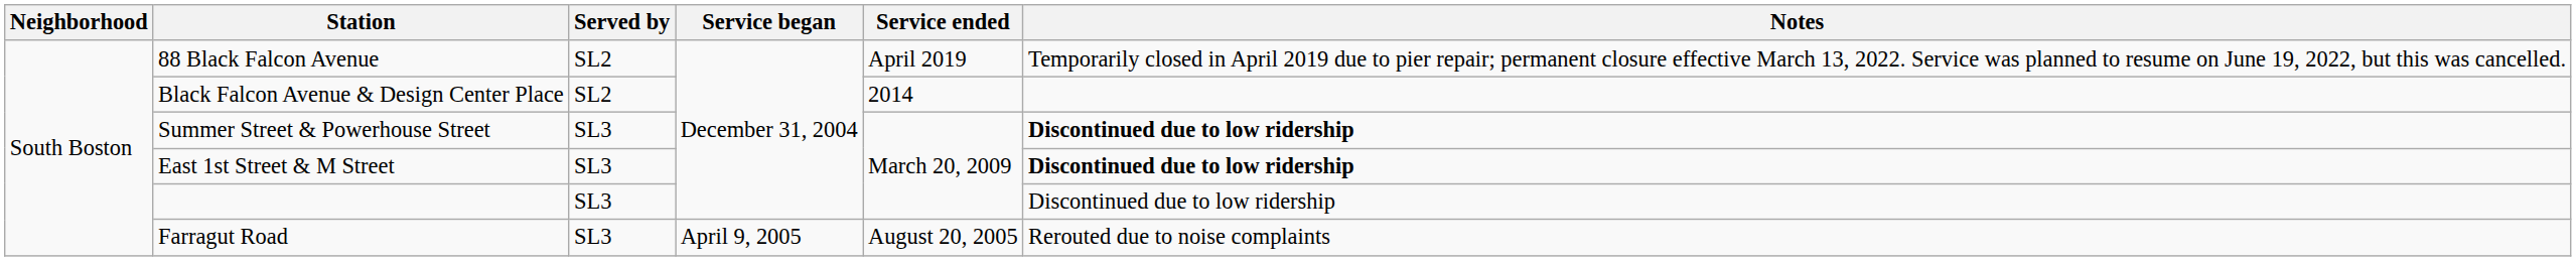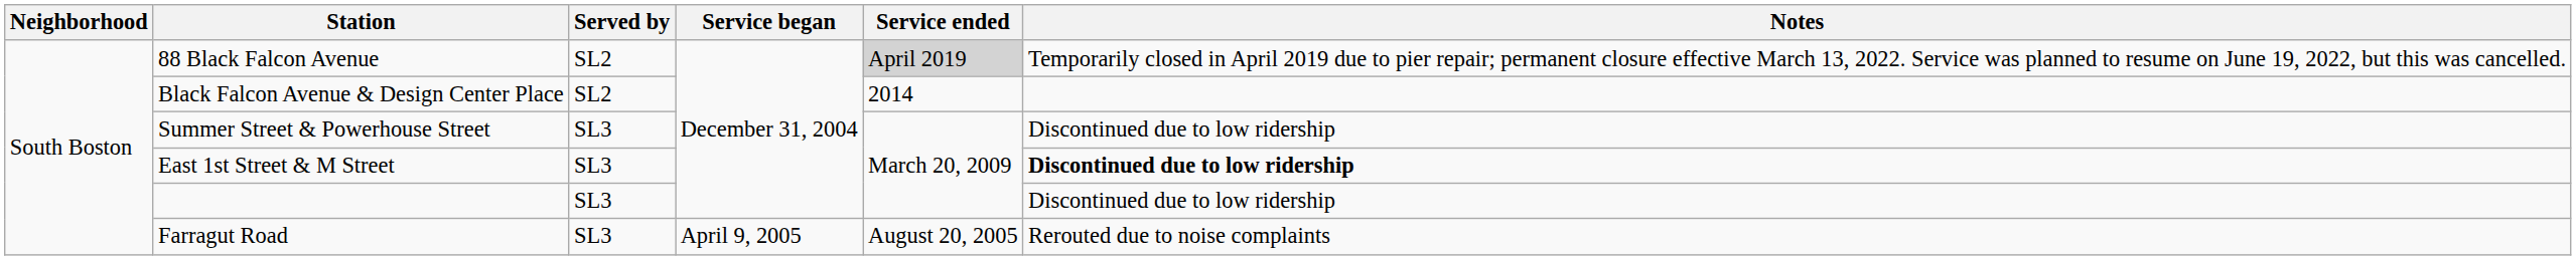 <table class="wikitable">
 <tr>
 <th>Neighborhood</th>
 <th>Station</th>
 <th>Served by</th>
 <th>Service began</th>
 <th>Service ended</th>
 <th>Notes</th>
 </tr>
 <tr>
 <td rowspan=6>South Boston</td>
 <td>88 Black Falcon Avenue</td>
 <td>SL2</td>
 <td rowspan=5>December 31, 2004</td>
-<td>April 2019</td>
+<td style="background: lightgrey;">April 2019</td>
 <td>Temporarily closed in April 2019 due to pier repair; permanent closure effective March 13, 2022. Service was planned to resume on June 19, 2022, but this was cancelled.</td>
 </tr>
 <tr>
 <td>Black Falcon Avenue & Design Center Place</td>
 <td>SL2</td>
 <td>2014</td>
 <td></td>
 </tr>
 <tr>
 <td>Summer Street & Powerhouse Street</td>
 <td>SL3</td>
 <td rowspan=3>March 20, 2009</td>
-<td><strong>Discontinued due to low ridership</strong></td>
+<td>Discontinued due to low ridership</td>
 </tr>
 <tr>
 <td>East 1st Street & M Street</td>
 <td>SL3</td>
 <td><strong>Discontinued due to low ridership</strong></td>
 </tr>
 <tr>
 <td></td>
 <td>SL3</td>
 <td>Discontinued due to low ridership</td>
 </tr>
 <tr>
 <td>Farragut Road</td>
 <td>SL3</td>
 <td>April 9, 2005</td>
 <td>August 20, 2005</td>
 <td>Rerouted due to noise complaints</td>
 </tr>
 </table>
